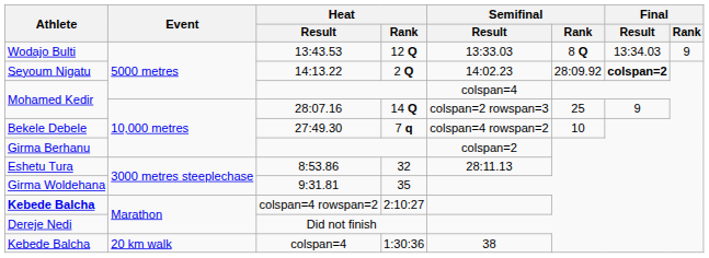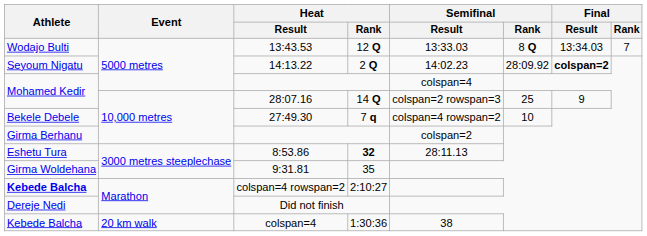 <table class=wikitable style=font-size:90%>
 <tr>
 <th rowspan=2>Athlete</th>
 <th rowspan=2>Event</th>
 <th colspan=2>Heat</th>
 <th colspan=2>Semifinal</th>
 <th colspan=2>Final</th>
 </tr>
 <tr style=font-size:95%>
 <th>Result</th>
 <th>Rank</th>
 <th>Result</th>
 <th>Rank</th>
 <th>Result</th>
 <th>Rank</th>
 </tr>
 <tr align=center>
 <td align=left><a href='#'>Wodajo Bulti</a></td>
 <td align=left rowspan=3><a href='#'>5000 metres</a></td>
 <td>13:43.53</td>
 <td>12 <strong>Q</strong></td>
 <td>13:33.03</td>
 <td>8 <strong>Q</strong></td>
 <td>13:34.03</td>
-<td>9</td>
+<td>7</td>
 </tr>
 <tr align=center>
 <td align=left><a href='#'>Seyoum Nigatu</a></td>
 <td>14:13.22</td>
 <td>2 <strong>Q</strong></td>
 <td>14:02.23</td>
 <td>28:09.92</td>
 <td><strong>colspan=2 </strong></td>
 </tr>
 <tr align=center>
 <td align=left rowspan=2><a href='#'>Mohamed Kedir</a></td>
 <td colspan=2></td>
 <td>colspan=4 </td>
 </tr>
 <tr align=center>
 <td align=left rowspan=3><a href='#'>10,000 metres</a></td>
 <td>28:07.16</td>
 <td>14 <strong>Q</strong></td>
 <td>colspan=2 rowspan=3 </td>
 <td>25</td>
 <td>9</td>
 </tr>
 <tr align=center>
 <td align=left><a href='#'>Bekele Debele</a></td>
 <td>27:49.30</td>
 <td>7 <strong>q</strong></td>
 <td>colspan=4 rowspan=2 </td>
 <td>10</td>
 </tr>
 <tr align=center>
 <td align=left><a href='#'>Girma Berhanu</a></td>
 <td colspan=2></td>
 <td>colspan=2 </td>
 </tr>
 <tr align=center>
 <td align=left><a href='#'>Eshetu Tura</a></td>
 <td align=left rowspan=2><a href='#'>3000 metres steeplechase</a></td>
 <td>8:53.86</td>
-<td>32</td>
+<td><strong>32</strong></td>
 <td>28:11.13</td>
 </tr>
 <tr align=center>
 <td align=left><a href='#'>Girma Woldehana</a></td>
 <td>9:31.81</td>
 <td>35</td>
 </tr>
 <tr align=center>
 <td align=left><strong><a href='#'>Kebede Balcha</a></strong></td>
 <td align=left rowspan=2><a href='#'>Marathon</a></td>
 <td>colspan=4 rowspan=2 </td>
 <td>2:10:27</td>
 <td></td>
 </tr>
 <tr align=center>
 <td align=left><a href='#'>Dereje Nedi</a></td>
 <td colspan=2>Did not finish</td>
 </tr>
 <tr align=center>
 <td align=left><a href='#'>Kebede Balcha</a></td>
 <td align=left><a href='#'>20 km walk</a></td>
 <td>colspan=4 </td>
 <td>1:30:36</td>
 <td>38</td>
 </tr>
 </table>
